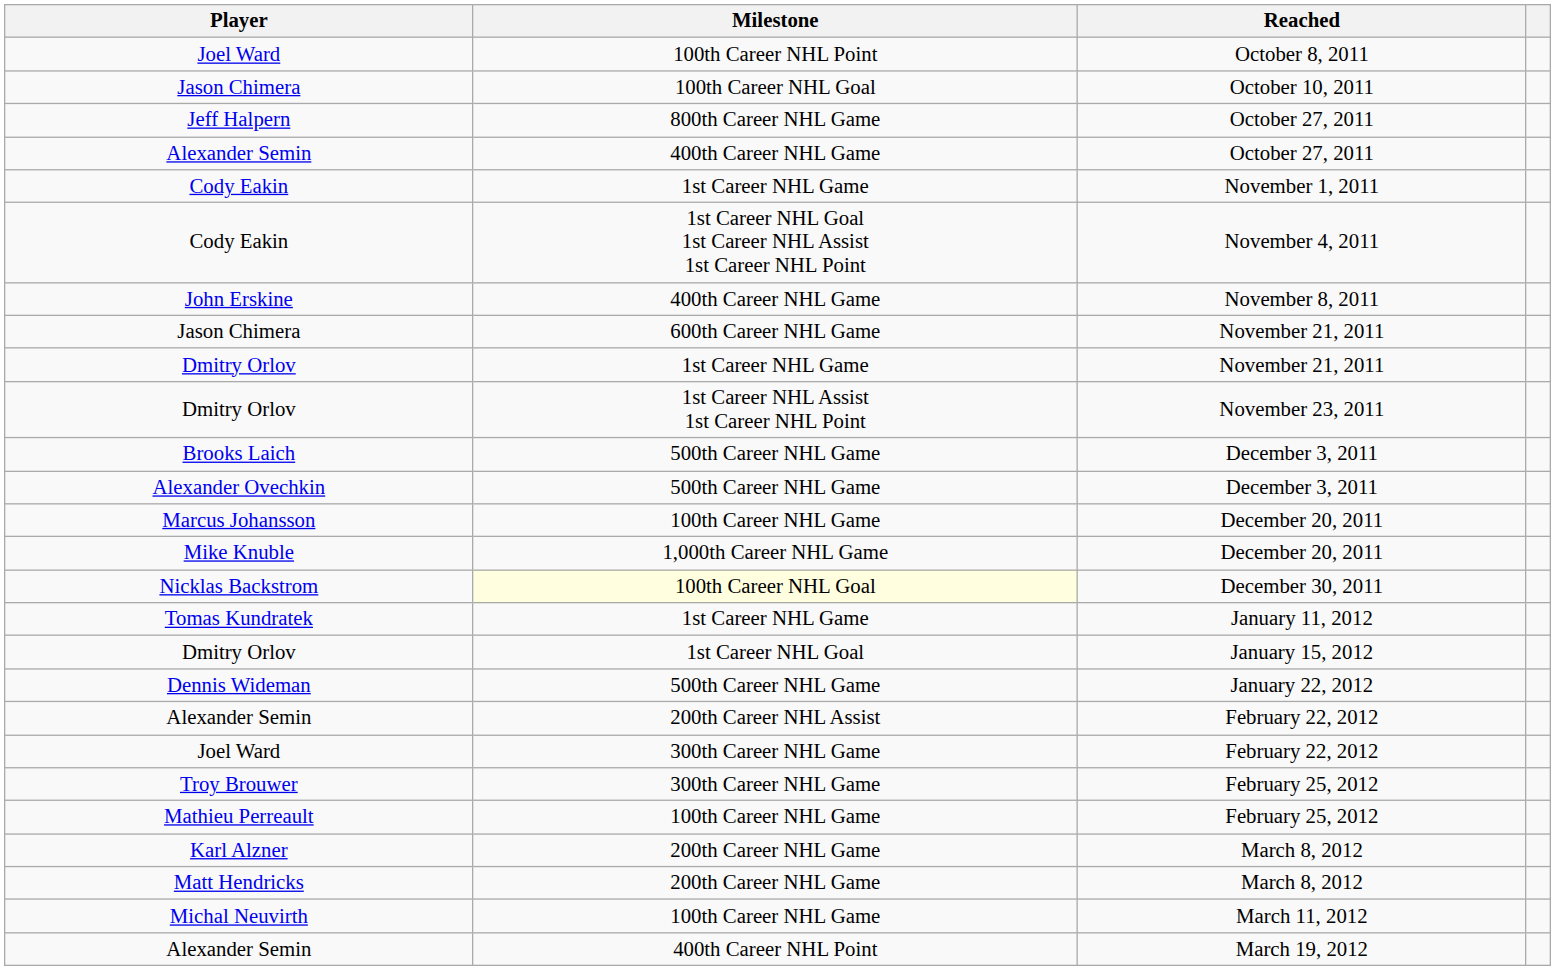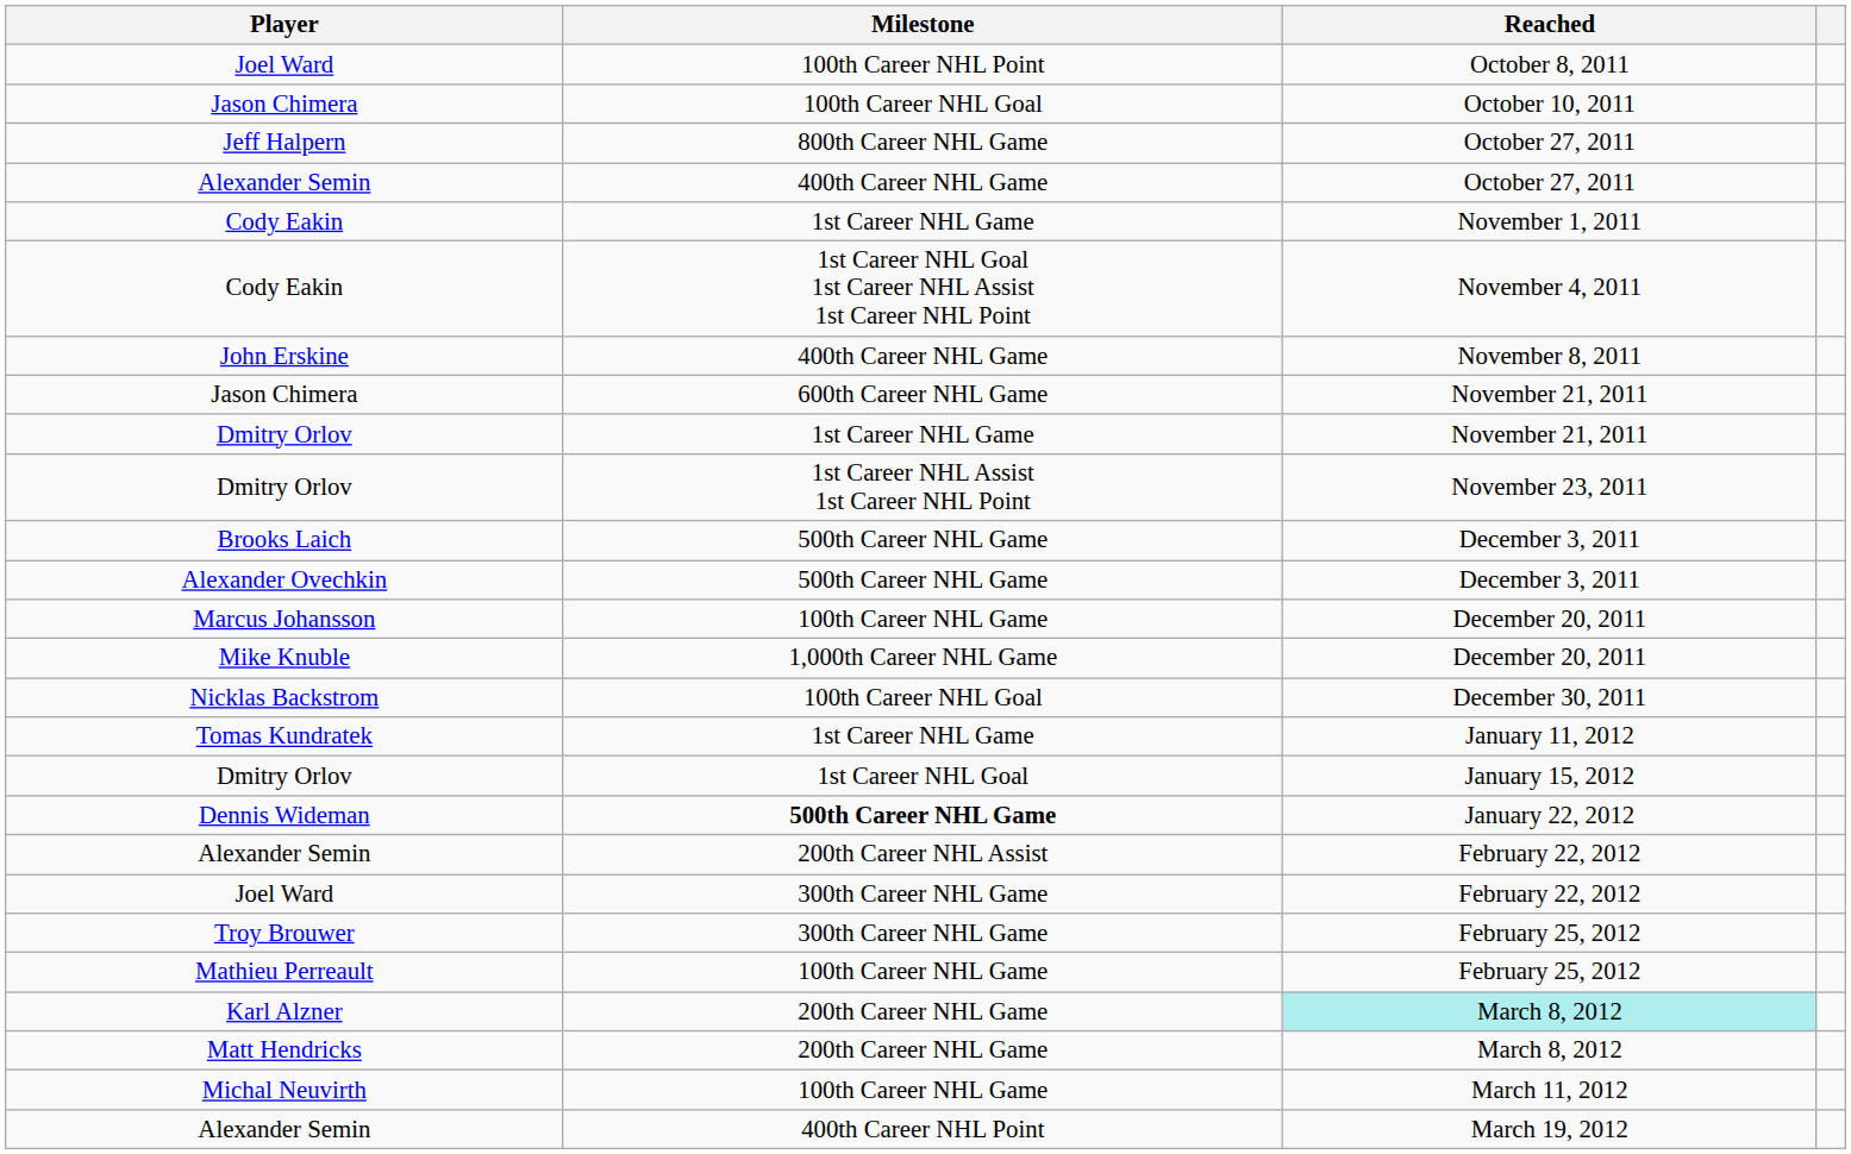 <table class="wikitable"  style="width:60%; text-align:center;">
 <tr>
 <th>Player</th>
 <th>Milestone</th>
 <th>Reached</th>
 <th></th>
 </tr>
 <tr>
 <td><a href='#'>Joel Ward</a></td>
 <td>100th Career NHL Point</td>
 <td>October 8, 2011</td>
 <td></td>
 </tr>
 <tr>
 <td><a href='#'>Jason Chimera</a></td>
 <td>100th Career NHL Goal</td>
 <td>October 10, 2011</td>
 <td></td>
 </tr>
 <tr>
 <td><a href='#'>Jeff Halpern</a></td>
 <td>800th Career NHL Game</td>
 <td>October 27, 2011</td>
 <td></td>
 </tr>
 <tr>
 <td><a href='#'>Alexander Semin</a></td>
 <td>400th Career NHL Game</td>
 <td>October 27, 2011</td>
 <td></td>
 </tr>
 <tr>
 <td><a href='#'>Cody Eakin</a></td>
 <td>1st Career NHL Game</td>
 <td>November 1, 2011</td>
 <td></td>
 </tr>
 <tr>
 <td>Cody Eakin</td>
 <td>1st Career NHL Goal<br>1st Career NHL Assist<br>1st Career NHL Point</td>
 <td>November 4, 2011</td>
 <td></td>
 </tr>
 <tr>
 <td><a href='#'>John Erskine</a></td>
 <td>400th Career NHL Game</td>
 <td>November 8, 2011</td>
 <td></td>
 </tr>
 <tr>
 <td>Jason Chimera</td>
 <td>600th Career NHL Game</td>
 <td>November 21, 2011</td>
 <td></td>
 </tr>
 <tr>
 <td><a href='#'>Dmitry Orlov</a></td>
 <td>1st Career NHL Game</td>
 <td>November 21, 2011</td>
 <td></td>
 </tr>
 <tr>
 <td>Dmitry Orlov</td>
 <td>1st Career NHL Assist<br>1st Career NHL Point</td>
 <td>November 23, 2011</td>
 <td></td>
 </tr>
 <tr>
 <td><a href='#'>Brooks Laich</a></td>
 <td>500th Career NHL Game</td>
 <td>December 3, 2011</td>
 <td></td>
 </tr>
 <tr>
 <td><a href='#'>Alexander Ovechkin</a></td>
 <td>500th Career NHL Game</td>
 <td>December 3, 2011</td>
 <td></td>
 </tr>
 <tr>
 <td><a href='#'>Marcus Johansson</a></td>
 <td>100th Career NHL Game</td>
 <td>December 20, 2011</td>
 <td></td>
 </tr>
 <tr>
 <td><a href='#'>Mike Knuble</a></td>
 <td>1,000th Career NHL Game</td>
 <td>December 20, 2011</td>
 <td></td>
 </tr>
 <tr>
 <td><a href='#'>Nicklas Backstrom</a></td>
-<td style="background: lightyellow;">100th Career NHL Goal</td>
+<td>100th Career NHL Goal</td>
 <td>December 30, 2011</td>
 <td></td>
 </tr>
 <tr>
 <td><a href='#'>Tomas Kundratek</a></td>
 <td>1st Career NHL Game</td>
 <td>January 11, 2012</td>
 <td></td>
 </tr>
 <tr>
 <td>Dmitry Orlov</td>
 <td>1st Career NHL Goal</td>
 <td>January 15, 2012</td>
 <td></td>
 </tr>
 <tr>
 <td><a href='#'>Dennis Wideman</a></td>
-<td>500th Career NHL Game</td>
+<td><strong>500th Career NHL Game</strong></td>
 <td>January 22, 2012</td>
 <td></td>
 </tr>
 <tr>
 <td>Alexander Semin</td>
 <td>200th Career NHL Assist</td>
 <td>February 22, 2012</td>
 <td></td>
 </tr>
 <tr>
 <td>Joel Ward</td>
 <td>300th Career NHL Game</td>
 <td>February 22, 2012</td>
 <td></td>
 </tr>
 <tr>
 <td><a href='#'>Troy Brouwer</a></td>
 <td>300th Career NHL Game</td>
 <td>February 25, 2012</td>
 <td></td>
 </tr>
 <tr>
 <td><a href='#'>Mathieu Perreault</a></td>
 <td>100th Career NHL Game</td>
 <td>February 25, 2012</td>
 <td></td>
 </tr>
 <tr>
 <td><a href='#'>Karl Alzner</a></td>
 <td>200th Career NHL Game</td>
-<td>March 8, 2012</td>
+<td style="background: paleturquoise;">March 8, 2012</td>
 <td></td>
 </tr>
 <tr>
 <td><a href='#'>Matt Hendricks</a></td>
 <td>200th Career NHL Game</td>
 <td>March 8, 2012</td>
 <td></td>
 </tr>
 <tr>
 <td><a href='#'>Michal Neuvirth</a></td>
 <td>100th Career NHL Game</td>
 <td>March 11, 2012</td>
 <td></td>
 </tr>
 <tr>
 <td>Alexander Semin</td>
 <td>400th Career NHL Point</td>
 <td>March 19, 2012</td>
 <td></td>
 </tr>
 </table>
